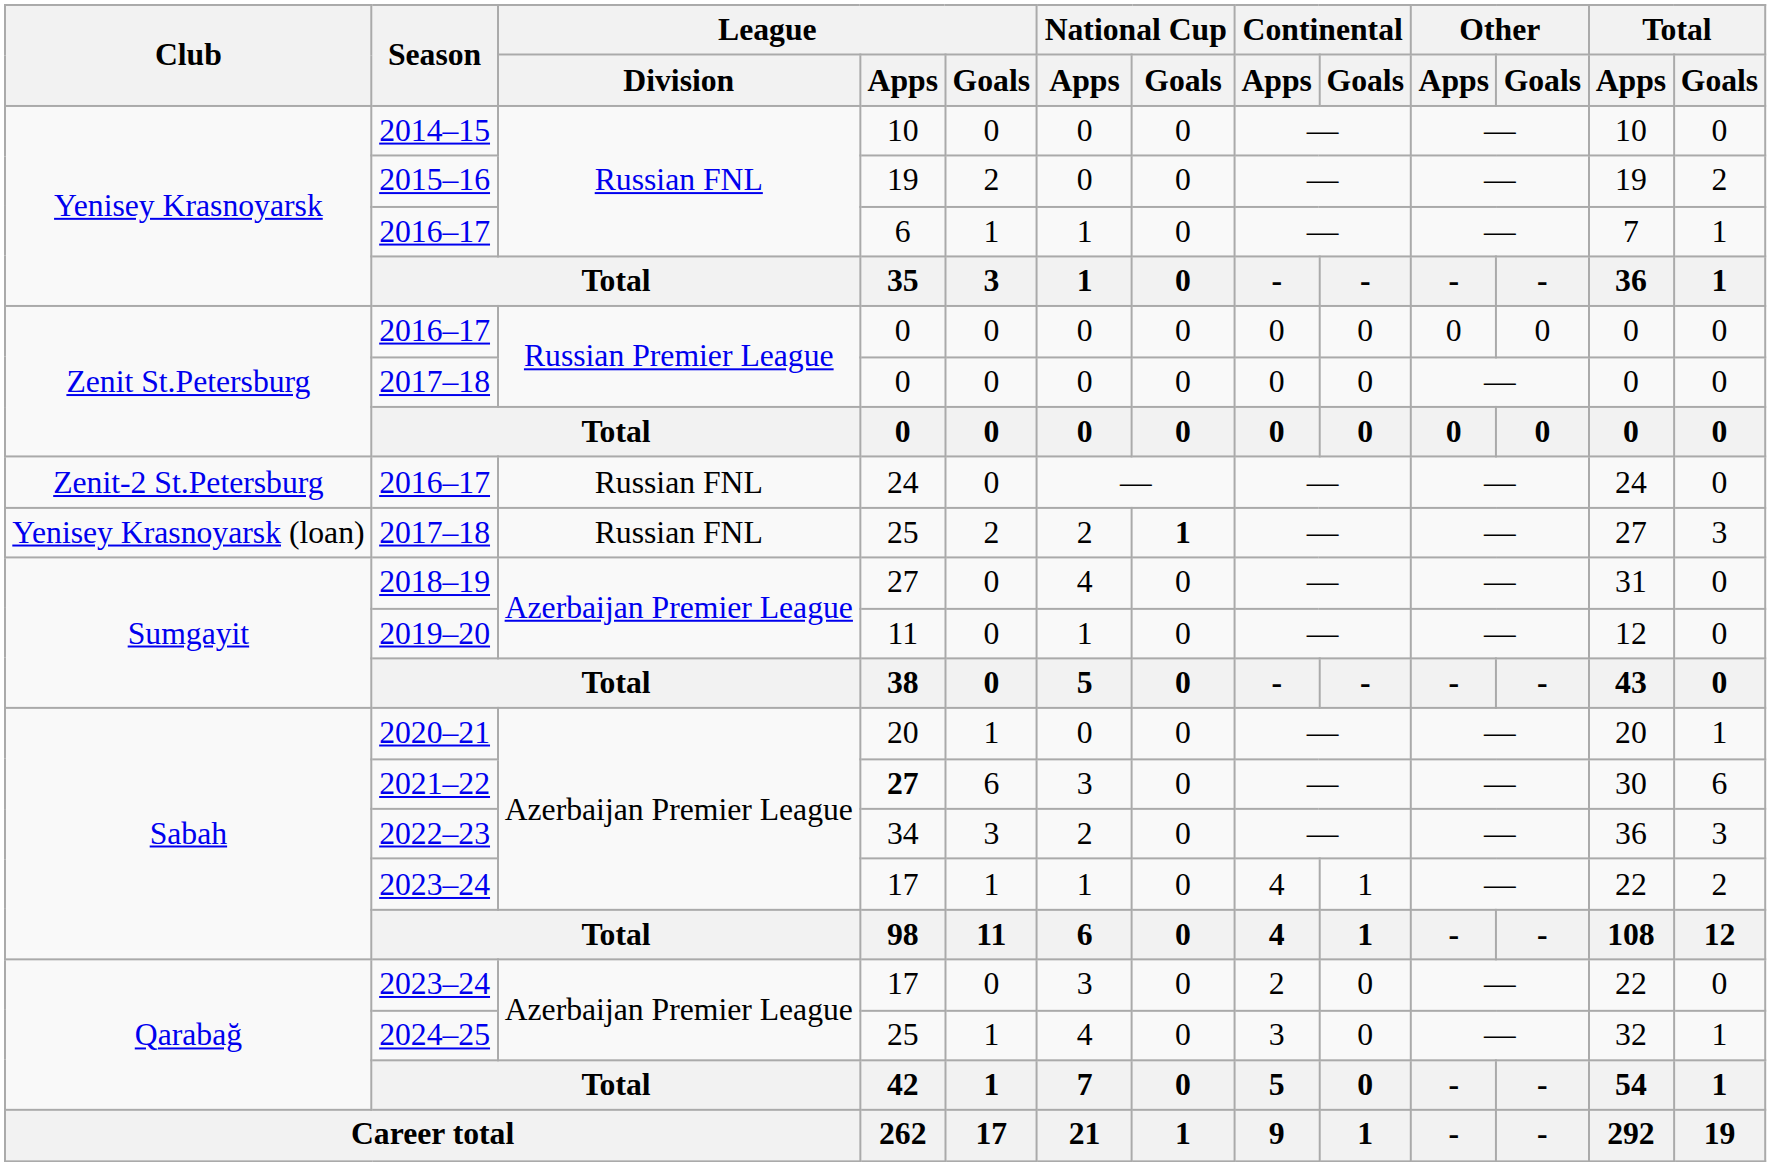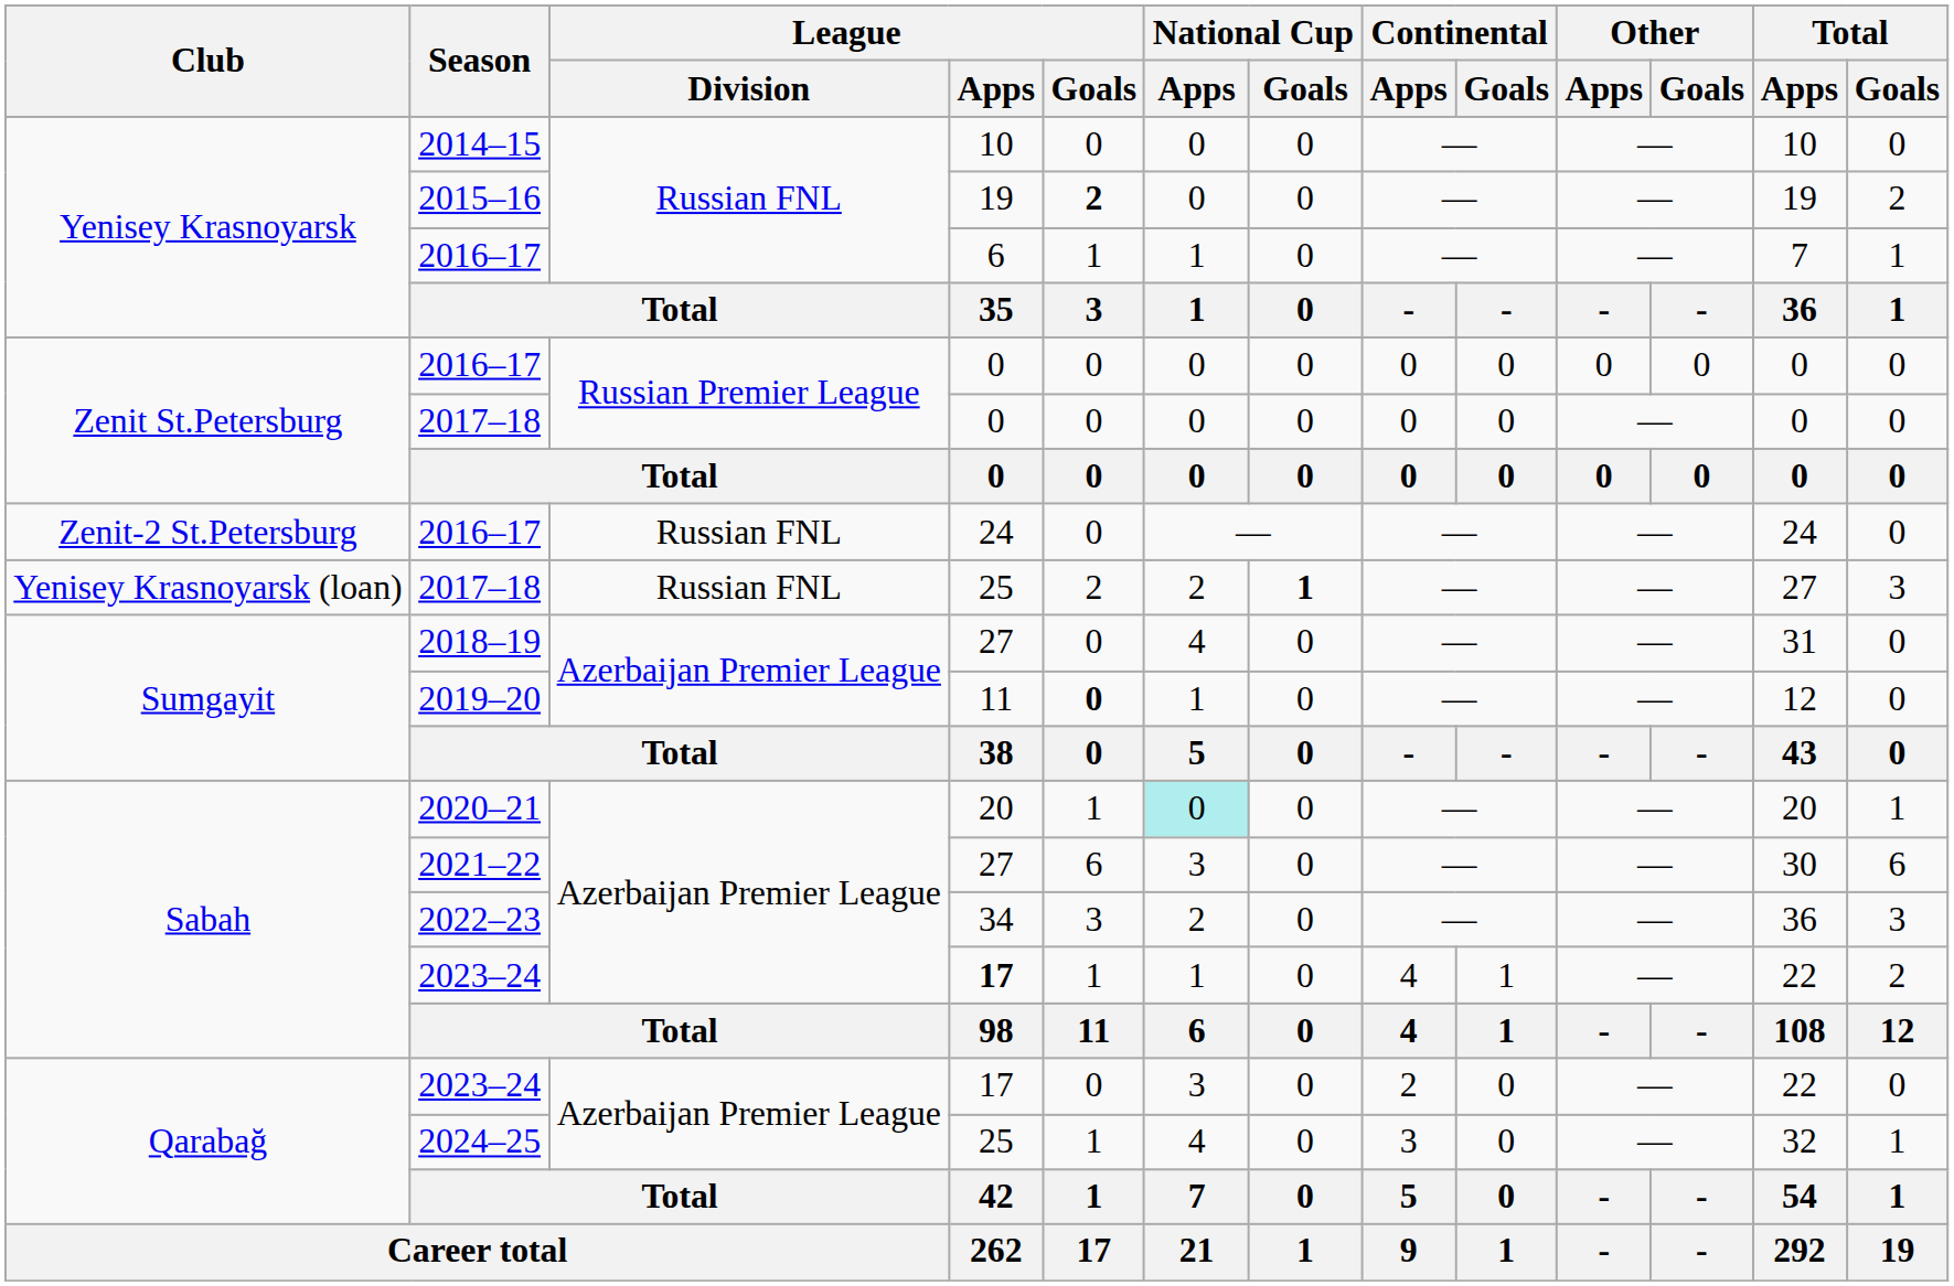 <table class="wikitable" style="text-align:center">
 <tr>
 <th rowspan="2">Club</th>
 <th rowspan="2">Season</th>
 <th colspan="3">League</th>
 <th colspan="2">National Cup</th>
 <th colspan="2">Continental</th>
 <th colspan="2">Other</th>
 <th colspan="2">Total</th>
 </tr>
 <tr>
 <th>Division</th>
 <th>Apps</th>
 <th>Goals</th>
 <th>Apps</th>
 <th>Goals</th>
 <th>Apps</th>
 <th>Goals</th>
 <th>Apps</th>
 <th>Goals</th>
 <th>Apps</th>
 <th>Goals</th>
 </tr>
 <tr>
 <td rowspan="4"><a href='#'>Yenisey Krasnoyarsk</a></td>
 <td><a href='#'>2014–15</a></td>
 <td rowspan="3"><a href='#'>Russian FNL</a></td>
 <td>10</td>
 <td>0</td>
 <td>0</td>
 <td>0</td>
 <td colspan="2">—</td>
 <td colspan="2">—</td>
 <td>10</td>
 <td>0</td>
 </tr>
 <tr>
 <td><a href='#'>2015–16</a></td>
 <td>19</td>
-<td>2</td>
+<td><strong>2</strong></td>
 <td>0</td>
 <td>0</td>
 <td colspan="2">—</td>
 <td colspan="2">—</td>
 <td>19</td>
 <td>2</td>
 </tr>
 <tr>
 <td><a href='#'>2016–17</a></td>
 <td>6</td>
 <td>1</td>
 <td>1</td>
 <td>0</td>
 <td colspan="2">—</td>
 <td colspan="2">—</td>
 <td>7</td>
 <td>1</td>
 </tr>
 <tr>
 <th colspan="2">Total</th>
 <th>35</th>
 <th>3</th>
 <th>1</th>
 <th>0</th>
 <th>-</th>
 <th>-</th>
 <th>-</th>
 <th>-</th>
 <th>36</th>
 <th>1</th>
 </tr>
 <tr>
 <td rowspan="3"><a href='#'>Zenit St.Petersburg</a></td>
 <td><a href='#'>2016–17</a></td>
 <td rowspan="2"><a href='#'>Russian Premier League</a></td>
 <td>0</td>
 <td>0</td>
 <td>0</td>
 <td>0</td>
 <td>0</td>
 <td>0</td>
 <td>0</td>
 <td>0</td>
 <td>0</td>
 <td>0</td>
 </tr>
 <tr>
 <td><a href='#'>2017–18</a></td>
 <td>0</td>
 <td>0</td>
 <td>0</td>
 <td>0</td>
 <td>0</td>
 <td>0</td>
 <td colspan="2">—</td>
 <td>0</td>
 <td>0</td>
 </tr>
 <tr>
 <th colspan="2">Total</th>
 <th>0</th>
 <th>0</th>
 <th>0</th>
 <th>0</th>
 <th>0</th>
 <th>0</th>
 <th>0</th>
 <th>0</th>
 <th>0</th>
 <th>0</th>
 </tr>
 <tr>
 <td><a href='#'>Zenit-2 St.Petersburg</a></td>
 <td><a href='#'>2016–17</a></td>
 <td>Russian FNL</td>
 <td>24</td>
 <td>0</td>
 <td colspan="2">—</td>
 <td colspan="2">—</td>
 <td colspan="2">—</td>
 <td>24</td>
 <td>0</td>
 </tr>
 <tr>
 <td><a href='#'>Yenisey Krasnoyarsk</a> (loan)</td>
 <td><a href='#'>2017–18</a></td>
 <td>Russian FNL</td>
 <td>25</td>
 <td>2</td>
 <td>2</td>
 <td><strong>1</strong></td>
 <td colspan="2">—</td>
 <td colspan="2">—</td>
 <td>27</td>
 <td>3</td>
 </tr>
 <tr>
 <td rowspan="3"><a href='#'>Sumgayit</a></td>
 <td><a href='#'>2018–19</a></td>
 <td rowspan="2"><a href='#'>Azerbaijan Premier League</a></td>
 <td>27</td>
 <td>0</td>
 <td>4</td>
 <td>0</td>
 <td colspan="2">—</td>
 <td colspan="2">—</td>
 <td>31</td>
 <td>0</td>
 </tr>
 <tr>
 <td><a href='#'>2019–20</a></td>
 <td>11</td>
-<td>0</td>
+<td><strong>0</strong></td>
 <td>1</td>
 <td>0</td>
 <td colspan="2">—</td>
 <td colspan="2">—</td>
 <td>12</td>
 <td>0</td>
 </tr>
 <tr>
 <th colspan="2">Total</th>
 <th>38</th>
 <th>0</th>
 <th>5</th>
 <th>0</th>
 <th>-</th>
 <th>-</th>
 <th>-</th>
 <th>-</th>
 <th>43</th>
 <th>0</th>
 </tr>
 <tr>
 <td rowspan="5"><a href='#'>Sabah</a></td>
 <td><a href='#'>2020–21</a></td>
 <td rowspan="4">Azerbaijan Premier League</td>
 <td>20</td>
 <td>1</td>
-<td>0</td>
+<td style="background: paleturquoise;">0</td>
 <td>0</td>
 <td colspan="2">—</td>
 <td colspan="2">—</td>
 <td>20</td>
 <td>1</td>
 </tr>
 <tr>
 <td><a href='#'>2021–22</a></td>
-<td><strong>27</strong></td>
+<td>27</td>
 <td>6</td>
 <td>3</td>
 <td>0</td>
 <td colspan="2">—</td>
 <td colspan="2">—</td>
 <td>30</td>
 <td>6</td>
 </tr>
 <tr>
 <td><a href='#'>2022–23</a></td>
 <td>34</td>
 <td>3</td>
 <td>2</td>
 <td>0</td>
 <td colspan="2">—</td>
 <td colspan="2">—</td>
 <td>36</td>
 <td>3</td>
 </tr>
 <tr>
 <td><a href='#'>2023–24</a></td>
-<td>17</td>
+<td><strong>17</strong></td>
 <td>1</td>
 <td>1</td>
 <td>0</td>
 <td>4</td>
 <td>1</td>
 <td colspan="2">—</td>
 <td>22</td>
 <td>2</td>
 </tr>
 <tr>
 <th colspan="2">Total</th>
 <th>98</th>
 <th>11</th>
 <th>6</th>
 <th>0</th>
 <th>4</th>
 <th>1</th>
 <th>-</th>
 <th>-</th>
 <th>108</th>
 <th>12</th>
 </tr>
 <tr>
 <td rowspan="3"><a href='#'>Qarabağ</a></td>
 <td><a href='#'>2023–24</a></td>
 <td rowspan="2">Azerbaijan Premier League</td>
 <td>17</td>
 <td>0</td>
 <td>3</td>
 <td>0</td>
 <td>2</td>
 <td>0</td>
 <td colspan="2">—</td>
 <td>22</td>
 <td>0</td>
 </tr>
 <tr>
 <td><a href='#'>2024–25</a></td>
 <td>25</td>
 <td>1</td>
 <td>4</td>
 <td>0</td>
 <td>3</td>
 <td>0</td>
 <td colspan="2">—</td>
 <td>32</td>
 <td>1</td>
 </tr>
 <tr>
 <th colspan="2">Total</th>
 <th>42</th>
 <th>1</th>
 <th>7</th>
 <th>0</th>
 <th>5</th>
 <th>0</th>
 <th>-</th>
 <th>-</th>
 <th>54</th>
 <th>1</th>
 </tr>
 <tr>
 <th colspan="3">Career total</th>
 <th>262</th>
 <th>17</th>
 <th>21</th>
 <th>1</th>
 <th>9</th>
 <th>1</th>
 <th>-</th>
 <th>-</th>
 <th>292</th>
 <th>19</th>
 </tr>
 </table>
